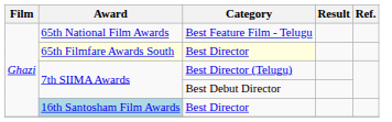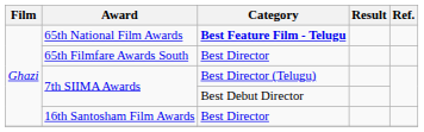 <table class="wikitable sortable">
 <tr>
 <th>Film</th>
 <th>Award</th>
 <th>Category</th>
 <th>Result</th>
 <th>Ref.</th>
 </tr>
 <tr>
 <td rowspan="5"><em><a href='#'>Ghazi</a></em></td>
 <td><a href='#'>65th National Film Awards</a></td>
-<td><a href='#'>Best Feature Film - Telugu</a></td>
+<td><strong><a href='#'>Best Feature Film - Telugu</a></strong></td>
 <td></td>
 <td></td>
 </tr>
 <tr>
-<td style="background: lightyellow;"><a href='#'>65th Filmfare Awards South</a></td>
-<td style="background: lightyellow;"><a href='#'>Best Director</a></td>
+<td><a href='#'>65th Filmfare Awards South</a></td>
+<td><a href='#'>Best Director</a></td>
 <td></td>
 <td></td>
 </tr>
 <tr>
 <td rowspan=2><a href='#'>7th SIIMA Awards</a></td>
 <td><a href='#'>Best Director (Telugu)</a></td>
 <td></td>
 <td rowspan=2></td>
 </tr>
 <tr>
 <td>Best Debut Director</td>
 <td></td>
 </tr>
 <tr>
-<td style="background: lightblue;"><a href='#'>16th Santosham Film Awards</a></td>
+<td><a href='#'>16th Santosham Film Awards</a></td>
 <td><a href='#'>Best Director</a></td>
 <td></td>
 <td></td>
 </tr>
 <tr>
 </tr>
 </table>
